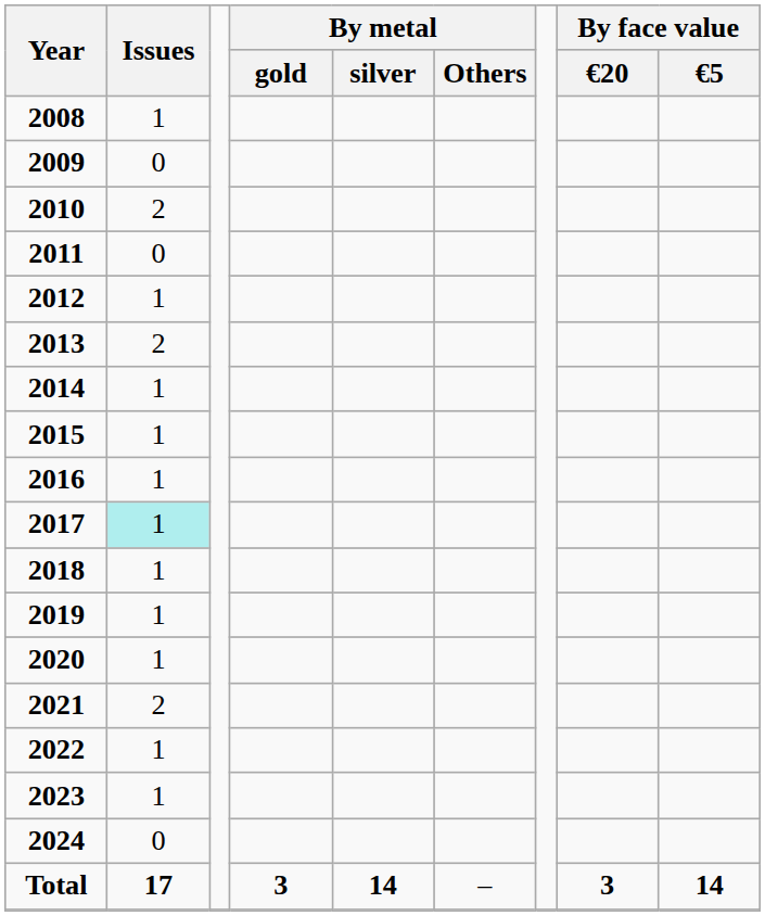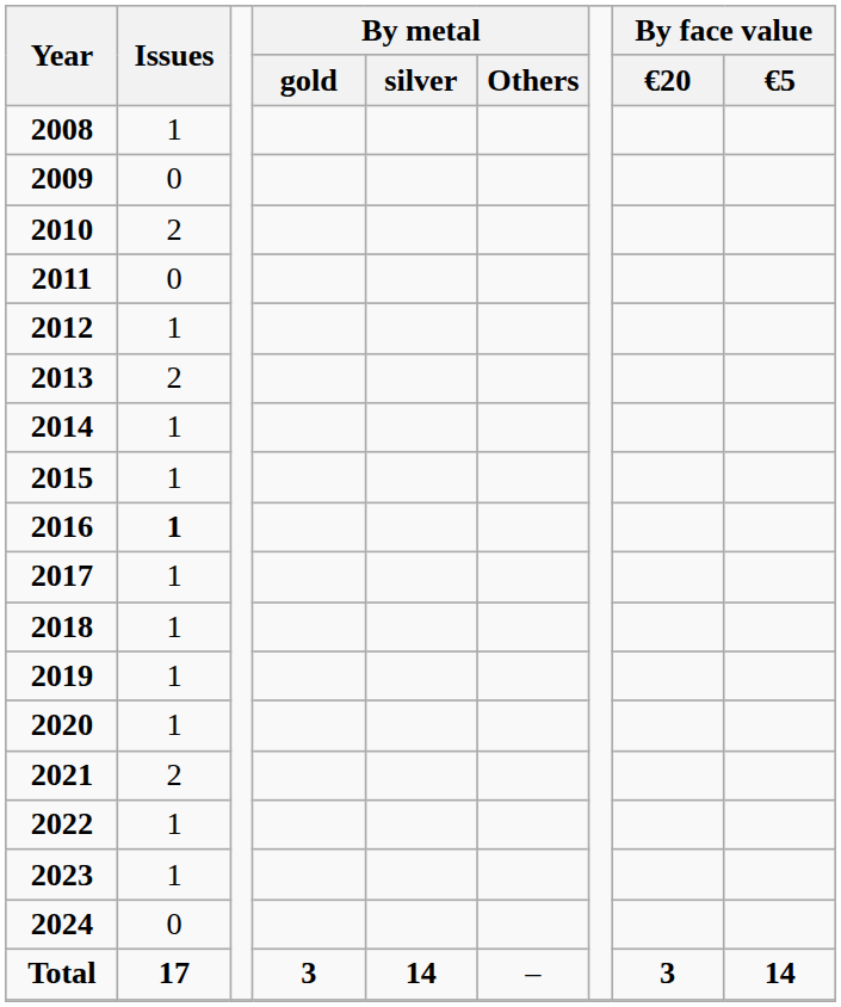 <table class="wikitable" style="text-align: center;">
 <tr>
 <th rowspan=2 width=50px>Year</th>
 <th rowspan=2 width=50px>Issues</th>
 <td rowspan=20> </td>
 <th colspan=3>By metal</th>
 <td rowspan=20> </td>
 <th colspan=2>By face value</th>
 </tr>
 <tr>
 <th width=50px>gold</th>
 <th width=50px>silver</th>
 <th width=50px>Others</th>
 <th width=50px>€20</th>
 <th width=50px>€5</th>
 </tr>
 <tr>
 <td style="text-align: center;"><strong>2008</strong></td>
 <td>1</td>
 <td></td>
 <td></td>
 <td></td>
 <td></td>
 <td></td>
 </tr>
 <tr>
 <td style="text-align: center;"><strong>2009</strong></td>
 <td>0</td>
 <td></td>
 <td></td>
 <td></td>
 <td></td>
 <td></td>
 </tr>
 <tr>
 <td style="text-align: center;"><strong>2010</strong></td>
 <td>2</td>
 <td></td>
 <td></td>
 <td></td>
 <td></td>
 <td></td>
 </tr>
 <tr>
 <td style="text-align: center;"><strong>2011</strong></td>
 <td>0</td>
 <td></td>
 <td></td>
 <td></td>
 <td></td>
 <td></td>
 </tr>
 <tr>
 <td style="text-align: center;"><strong>2012</strong></td>
 <td>1</td>
 <td></td>
 <td></td>
 <td></td>
 <td></td>
 <td></td>
 </tr>
 <tr>
 <td style="text-align: center;"><strong>2013</strong></td>
 <td>2</td>
 <td></td>
 <td></td>
 <td></td>
 <td></td>
 <td></td>
 </tr>
 <tr>
 <td style="text-align: center;"><strong>2014</strong></td>
 <td>1</td>
 <td></td>
 <td></td>
 <td></td>
 <td></td>
 <td></td>
 </tr>
 <tr>
 <td style="text-align: center;"><strong>2015</strong></td>
 <td>1</td>
 <td></td>
 <td></td>
 <td></td>
 <td></td>
 <td></td>
 </tr>
 <tr>
 <td style="text-align: center;"><strong>2016</strong></td>
-<td>1</td>
+<td><strong>1</strong></td>
 <td></td>
 <td></td>
 <td></td>
 <td></td>
 <td></td>
 </tr>
 <tr>
 <td style="text-align: center;"><strong>2017</strong></td>
-<td style="background: paleturquoise;">1</td>
+<td>1</td>
 <td></td>
 <td></td>
 <td></td>
 <td></td>
 <td></td>
 </tr>
 <tr>
 <td style="text-align: center;"><strong>2018</strong></td>
 <td>1</td>
 <td></td>
 <td></td>
 <td></td>
 <td></td>
 <td></td>
 </tr>
 <tr>
 <td style="text-align: center;"><strong>2019</strong></td>
 <td>1</td>
 <td></td>
 <td></td>
 <td></td>
 <td></td>
 <td></td>
 </tr>
 <tr>
 <td style="text-align: center;"><strong>2020</strong></td>
 <td>1</td>
 <td></td>
 <td></td>
 <td></td>
 <td></td>
 <td></td>
 </tr>
 <tr>
 <td style="text-align: center;"><strong>2021</strong></td>
 <td>2</td>
 <td></td>
 <td></td>
 <td></td>
 <td></td>
 <td></td>
 </tr>
 <tr>
 <td style="text-align: center;"><strong>2022</strong></td>
 <td>1</td>
 <td></td>
 <td></td>
 <td></td>
 <td></td>
 <td></td>
 </tr>
 <tr>
 <td style="text-align: center;"><strong>2023</strong></td>
 <td>1</td>
 <td></td>
 <td></td>
 <td></td>
 <td></td>
 <td></td>
 </tr>
 <tr>
 <td style="text-align: center;"><strong>2024</strong></td>
 <td>0</td>
 <td></td>
 <td></td>
 <td></td>
 <td></td>
 <td></td>
 </tr>
 <tr>
 <td style="text-align: center;"><strong>Total</strong></td>
 <td><strong>17</strong></td>
 <td><strong>3</strong></td>
 <td><strong>14</strong></td>
 <td>–</td>
 <td><strong>3</strong></td>
 <td><strong>14</strong></td>
 </tr>
 <tr>
 <td colspan="9" style="text-align: left; padding: 0;"> </td>
 </tr>
 </table>
